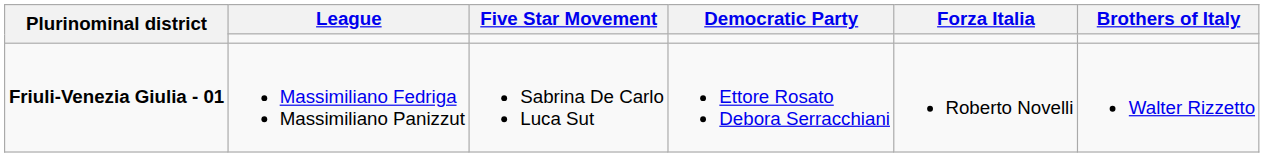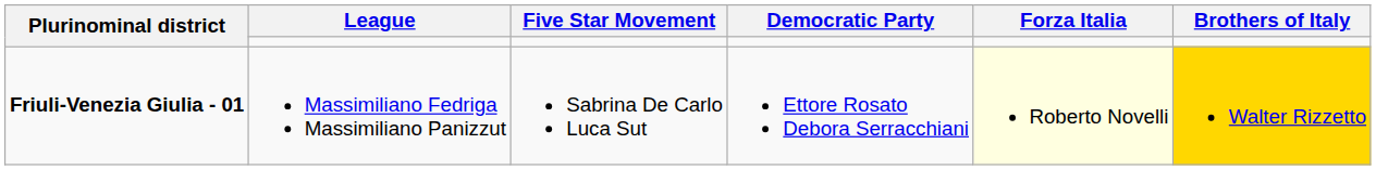 <table class="wikitable">
 <tr>
 <th rowspan="2">Plurinominal district</th>
 <th><a href='#'>League</a></th>
 <th><a href='#'>Five Star Movement</a></th>
 <th><a href='#'>Democratic Party</a></th>
 <th><a href='#'>Forza Italia</a></th>
 <th><a href='#'>Brothers of Italy</a></th>
 </tr>
 <tr>
 <td></td>
 <td></td>
 <td></td>
 <td></td>
 <td></td>
 </tr>
 <tr>
 <td><strong>Friuli-Venezia Giulia - 01</strong></td>
 <td><br><ul><li><a href='#'>Massimiliano Fedriga</a></li><li>Massimiliano Panizzut</li></ul></td>
 <td><br><ul><li>Sabrina De Carlo</li><li>Luca Sut</li></ul></td>
 <td><br><ul><li><a href='#'>Ettore Rosato</a></li><li><a href='#'>Debora Serracchiani</a></li></ul></td>
-<td><br><ul><li>Roberto Novelli</li></ul></td>
-<td><br><ul><li><a href='#'>Walter Rizzetto</a></li></ul></td>
+<td style="background: lightyellow;"><br><ul><li>Roberto Novelli</li></ul></td>
+<td style="background: gold;"><br><ul><li><a href='#'>Walter Rizzetto</a></li></ul></td>
 </tr>
 </table>
